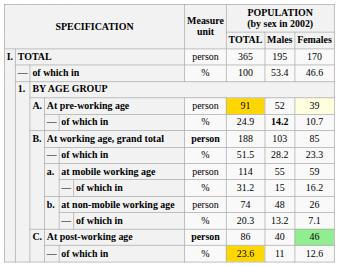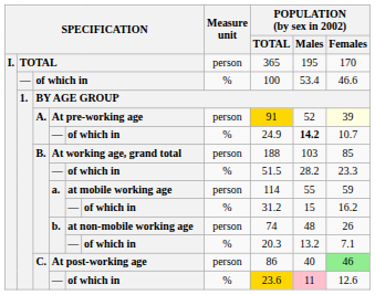 <table class="wikitable" style="font-size:85%; text-align:center">
 <tr>
 <th rowspan="2" colspan="6">SPECIFICATION</th>
 <th rowspan="2">Measure<br> unit</th>
 <th colspan="3" rowspan="1">POPULATION<br> (by sex in 2002)</th>
 </tr>
 <tr>
 <th>TOTAL</th>
 <th>Males</th>
 <th>Females</th>
 </tr>
 <tr>
 <th style="text-align:left" valign="top" rowspan="13">I.</th>
 <th style="text-align:left" colspan="5">TOTAL</th>
 <td>person</td>
 <td>365</td>
 <td>195</td>
 <td>170</td>
 </tr>
 <tr>
 <th style="text-align:left" valign="top">—</th>
 <th style="text-align:left" colspan="4">of which in</th>
 <td>%</td>
 <td>100</td>
 <td>53.4</td>
 <td>46.6</td>
 </tr>
 <tr>
 <th style="text-align:left" valign="top" rowspan="11">1.</th>
 <th style="text-align:left" colspan="19">BY AGE GROUP</th>
 </tr>
 <tr>
 <th style="text-align:left" valign="top" rowspan="2">A.</th>
 <th style="text-align:left" colspan="3">At pre-working age</th>
 <td>person</td>
 <td style="background: gold;">91</td>
 <td>52</td>
 <td style="background: lightyellow;">39</td>
 </tr>
 <tr>
 <th style="text-align:left" valign="top">—</th>
 <th style="text-align:left" valign="top" colspan="2">of which in</th>
 <td>%</td>
 <td>24.9</td>
 <td><strong>14.2</strong></td>
 <td>10.7</td>
 </tr>
 <tr>
 <th style="text-align:left" valign="top" rowspan="6">B.</th>
 <th style="text-align:left" colspan="3">At working age, grand total</th>
-<td><strong>person</strong></td>
+<td>person</td>
 <td>188</td>
 <td>103</td>
 <td>85</td>
 </tr>
 <tr>
 <th style="text-align:left" valign="top">—</th>
 <th style="text-align:left" valign="top" colspan="2">of which in</th>
 <td>%</td>
 <td>51.5</td>
 <td>28.2</td>
 <td>23.3</td>
 </tr>
 <tr>
 <th style="text-align:left" valign="top" rowspan="2">a.</th>
 <th style="text-align:left" colspan="2">at mobile working age</th>
 <td>person</td>
 <td>114</td>
 <td>55</td>
 <td>59</td>
 </tr>
 <tr>
 <th style="text-align:left" valign="top">—</th>
 <th style="text-align:left" valign="top" colspan="1">of which in                        </th>
 <td>%</td>
 <td>31.2</td>
 <td>15</td>
 <td>16.2</td>
 </tr>
 <tr>
 <th style="text-align:left" valign="top" rowspan="2">b.</th>
 <th style="text-align:left" colspan="2">at non-mobile working age</th>
 <td>person</td>
 <td>74</td>
 <td>48</td>
 <td>26</td>
 </tr>
 <tr>
 <th style="text-align:left" valign="top">—</th>
 <th style="text-align:left" valign="top" colspan="1">of which in                        </th>
 <td>%</td>
 <td>20.3</td>
 <td>13.2</td>
 <td>7.1</td>
 </tr>
 <tr>
 <th style="text-align:left" valign="top" rowspan="2">C.</th>
 <th style="text-align:left" colspan="3">At post-working age</th>
-<td><strong>person</strong></td>
+<td>person</td>
 <td>86</td>
 <td>40</td>
 <td style="background: lightgreen;">46</td>
 </tr>
 <tr>
 <th style="text-align:left" valign="top">—</th>
 <th style="text-align:left" valign="top" colspan="2">of which in</th>
 <td>%</td>
 <td style="background: gold;">23.6</td>
-<td>11</td>
+<td style="background: pink;">11</td>
 <td>12.6</td>
 </tr>
 </table>
